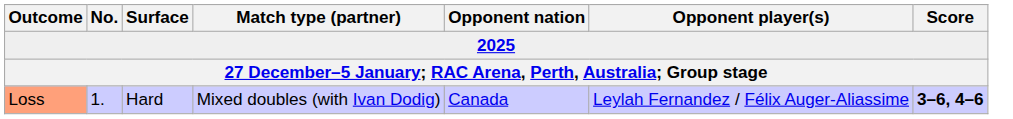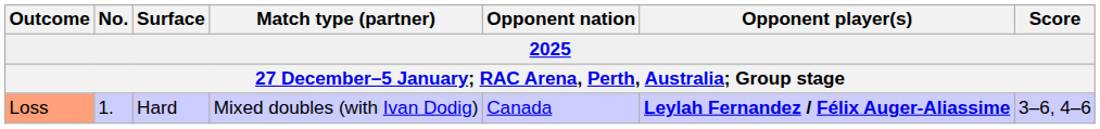 <table class=wikitable>
 <tr>
 <th>Outcome</th>
 <th>No.</th>
 <th>Surface</th>
 <th>Match type (partner)</th>
 <th>Opponent nation</th>
 <th>Opponent player(s)</th>
 <th>Score</th>
 </tr>
 <tr bgcolor="efefef" class="sortbottom">
 <td colspan="7" align="center"><strong><a href='#'>2025</a></strong></td>
 </tr>
 <tr>
 <th colspan="7"><a href='#'>27 December–5 January</a>; <a href='#'>RAC Arena</a>, <a href='#'>Perth</a>, <a href='#'>Australia</a>; Group stage</th>
 </tr>
 <tr style="background:#ccf;">
 <td bgcolor=FFA07A>Loss</td>
 <td>1.</td>
 <td>Hard</td>
 <td>Mixed doubles (with <a href='#'>Ivan Dodig</a>)</td>
 <td rowspan=1> <a href='#'>Canada</a></td>
-<td> <a href='#'>Leylah Fernandez</a> /  <a href='#'>Félix Auger-Aliassime</a></td>
-<td><strong>3–6, 4–6</strong></td>
+<td><strong> <a href='#'>Leylah Fernandez</a> /  <a href='#'>Félix Auger-Aliassime</a></strong></td>
+<td>3–6, 4–6</td>
 </tr>
 </table>
